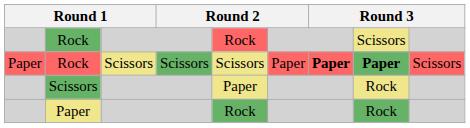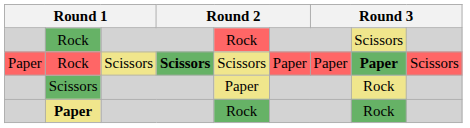 <table class="wikitable" style="text-align:center">
 <tr>
 <th scope="col" colspan="3">Round 1</th>
 <th scope="col" colspan="3">Round 2</th>
 <th scope="col" colspan="3">Round 3</th>
 </tr>
 <tr>
 <td style="background-color:lightgrey"></td>
 <td style="background-color:#66B266">Rock</td>
 <td colspan="2" style="background-color:lightgrey"></td>
 <td style="background-color:#FF6666">Rock</td>
 <td colspan="2" style="background-color:lightgrey"></td>
 <td style="background-color:khaki">Scissors</td>
 <td style="background-color:lightgrey"></td>
 </tr>
 <tr>
 <td style="background-color:#FF6666">Paper</td>
 <td style="background-color:#FF6666">Rock</td>
 <td style="background-color:khaki">Scissors</td>
-<td style="background-color:#66B266">Scissors</td>
+<td style="background-color:#66B266"><strong>Scissors</strong></td>
 <td style="background-color:khaki">Scissors</td>
 <td style="background-color:#FF6666">Paper</td>
-<td style="background-color:#FF6666"><strong>Paper</strong></td>
+<td style="background-color:#FF6666">Paper</td>
 <td style="background-color:#66B266"><strong>Paper</strong></td>
 <td style="background-color:#FF6666">Scissors</td>
 </tr>
 <tr>
 <td style="background-color:lightgrey"></td>
 <td style="background-color:#66B266">Scissors</td>
 <td colspan="2" style="background-color:lightgrey"></td>
 <td style="background-color:khaki">Paper</td>
 <td colspan="2" style="background-color:lightgrey"></td>
 <td style="background-color:khaki">Rock</td>
 <td style="background-color:lightgrey"></td>
 </tr>
 <tr>
 <td style="background-color:lightgrey"></td>
-<td style="background-color:khaki">Paper</td>
+<td style="background-color:khaki"><strong>Paper</strong></td>
 <td colspan="2" style="background-color:lightgrey"></td>
 <td style="background-color:#66B266">Rock</td>
 <td colspan="2" style="background-color:lightgrey"></td>
 <td style="background-color:#66B266">Rock</td>
 <td style="background-color:lightgrey"></td>
 </tr>
 </table>
